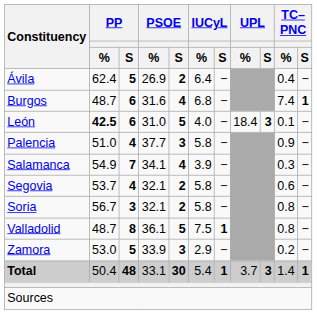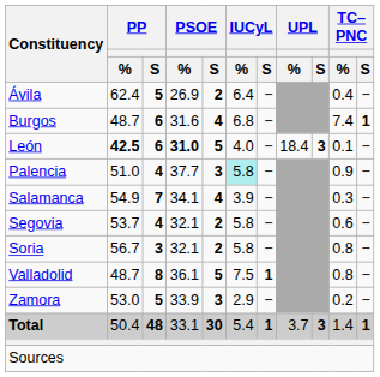 <table class="wikitable sortable" style="text-align:right; line-height:20px;">
 <tr>
 <th rowspan="3">Constituency</th>
 <th colspan="2" width="30px" class="unsortable"><a href='#'>PP</a></th>
 <th colspan="2" width="30px" class="unsortable"><a href='#'>PSOE</a></th>
 <th colspan="2" width="30px" class="unsortable"><a href='#'>IUCyL</a></th>
 <th colspan="2" width="30px" class="unsortable"><a href='#'>UPL</a></th>
 <th colspan="2" width="30px" class="unsortable"><a href='#'>TC–PNC</a></th>
 </tr>
 <tr>
 <th colspan="2" style="background:"></th>
 <th colspan="2" style="background:"></th>
 <th colspan="2" style="background:"></th>
 <th colspan="2" style="background:"></th>
 <th colspan="2" style="background:"></th>
 </tr>
 <tr>
 <th data-sort-type="number">%</th>
 <th data-sort-type="number">S</th>
 <th data-sort-type="number">%</th>
 <th data-sort-type="number">S</th>
 <th data-sort-type="number">%</th>
 <th data-sort-type="number">S</th>
 <th data-sort-type="number">%</th>
 <th data-sort-type="number">S</th>
 <th data-sort-type="number">%</th>
 <th data-sort-type="number">S</th>
 </tr>
 <tr>
 <td align="left"><a href='#'>Ávila</a></td>
 <td style="background:">62.4</td>
 <td><strong>5</strong></td>
 <td>26.9</td>
 <td><strong>2</strong></td>
 <td>6.4</td>
 <td>−</td>
 <td colspan="2" rowspan="2" bgcolor="#AAAAAA"></td>
 <td>0.4</td>
 <td>−</td>
 </tr>
 <tr>
 <td align="left"><a href='#'>Burgos</a></td>
 <td style="background:">48.7</td>
 <td><strong>6</strong></td>
 <td>31.6</td>
 <td><strong>4</strong></td>
 <td>6.8</td>
 <td>−</td>
 <td>7.4</td>
 <td><strong>1</strong></td>
 </tr>
 <tr>
 <td align="left"><a href='#'>León</a></td>
 <td style="background:"><strong>42.5</strong></td>
 <td><strong>6</strong></td>
-<td>31.0</td>
+<td><strong>31.0</strong></td>
 <td><strong>5</strong></td>
 <td>4.0</td>
 <td>−</td>
 <td>18.4</td>
 <td><strong>3</strong></td>
 <td>0.1</td>
 <td>−</td>
 </tr>
 <tr>
 <td align="left"><a href='#'>Palencia</a></td>
 <td style="background:">51.0</td>
 <td><strong>4</strong></td>
 <td>37.7</td>
 <td><strong>3</strong></td>
-<td>5.8</td>
+<td style="background: paleturquoise;">5.8</td>
 <td>−</td>
 <td colspan="2" rowspan="6" bgcolor="#AAAAAA"></td>
 <td>0.9</td>
 <td>−</td>
 </tr>
 <tr>
 <td align="left"><a href='#'>Salamanca</a></td>
 <td style="background:">54.9</td>
 <td><strong>7</strong></td>
 <td>34.1</td>
 <td><strong>4</strong></td>
 <td>3.9</td>
 <td>−</td>
 <td>0.3</td>
 <td>−</td>
 </tr>
 <tr>
 <td align="left"><a href='#'>Segovia</a></td>
 <td style="background:">53.7</td>
 <td><strong>4</strong></td>
 <td>32.1</td>
 <td><strong>2</strong></td>
 <td>5.8</td>
 <td>−</td>
 <td>0.6</td>
 <td>−</td>
 </tr>
 <tr>
 <td align="left"><a href='#'>Soria</a></td>
 <td style="background:">56.7</td>
 <td><strong>3</strong></td>
 <td>32.1</td>
 <td><strong>2</strong></td>
 <td>5.8</td>
 <td>−</td>
 <td>0.8</td>
 <td>−</td>
 </tr>
 <tr>
 <td align="left"><a href='#'>Valladolid</a></td>
 <td style="background:">48.7</td>
 <td><strong>8</strong></td>
 <td>36.1</td>
 <td><strong>5</strong></td>
 <td>7.5</td>
 <td><strong>1</strong></td>
 <td>0.8</td>
 <td>−</td>
 </tr>
 <tr>
 <td align="left"><a href='#'>Zamora</a></td>
 <td style="background:">53.0</td>
 <td><strong>5</strong></td>
 <td>33.9</td>
 <td><strong>3</strong></td>
 <td>2.9</td>
 <td>−</td>
 <td>0.2</td>
 <td>−</td>
 </tr>
 <tr style="background:#CDCDCD;">
 <td align="left"><strong>Total</strong></td>
 <td style="background:">50.4</td>
 <td><strong>48</strong></td>
 <td>33.1</td>
 <td><strong>30</strong></td>
 <td>5.4</td>
 <td><strong>1</strong></td>
 <td>3.7</td>
 <td><strong>3</strong></td>
 <td>1.4</td>
 <td><strong>1</strong></td>
 </tr>
 <tr>
 <th colspan="11"></th>
 </tr>
 <tr>
 <th style="text-align:left; font-weight:normal; background:#F9F9F9" colspan="11">Sources</th>
 </tr>
 </table>
